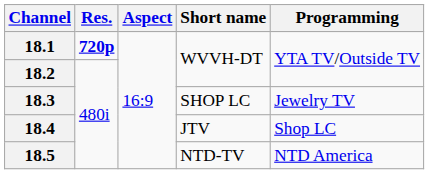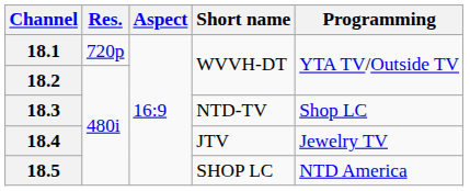 <table class="wikitable">
 <tr>
 <th scope = "col"><a href='#'>Channel</a></th>
 <th scope = "col"><a href='#'>Res.</a></th>
 <th scope = "col"><a href='#'>Aspect</a></th>
 <th scope = "col">Short name</th>
 <th scope = "col">Programming</th>
 </tr>
 <tr>
 <th scope = "row">18.1</th>
-<td><strong><a href='#'>720p</a></strong></td>
+<td><a href='#'>720p</a></td>
 <td rowspan=5><a href='#'>16:9</a></td>
 <td rowspan=2>WVVH-DT</td>
 <td rowspan=2><a href='#'>YTA TV</a>/<a href='#'>Outside TV</a></td>
 </tr>
 <tr>
 <th scope = "row">18.2</th>
 <td rowspan=4><a href='#'>480i</a></td>
 </tr>
 <tr>
 <th scope = "row">18.3</th>
-<td>SHOP LC</td>
-<td><a href='#'>Jewelry TV</a></td>
+<td>NTD-TV</td>
+<td><a href='#'>Shop LC</a></td>
 </tr>
 <tr>
 <th scope = "row">18.4</th>
 <td>JTV</td>
-<td><a href='#'>Shop LC</a></td>
+<td><a href='#'>Jewelry TV</a></td>
 </tr>
 <tr>
 <th scope = "row">18.5</th>
-<td>NTD-TV</td>
+<td>SHOP LC</td>
 <td><a href='#'>NTD America</a></td>
 </tr>
 </table>
